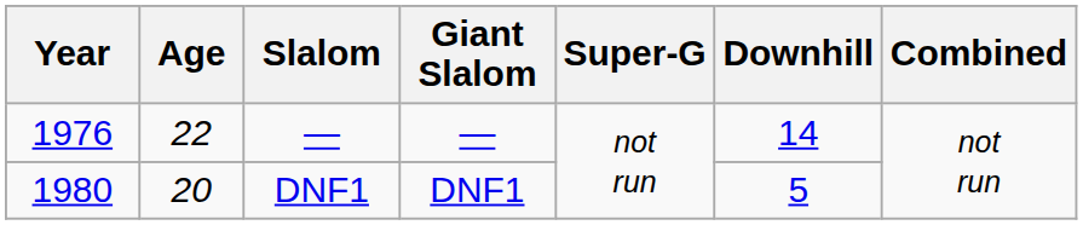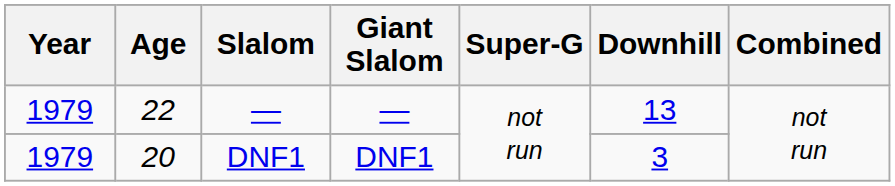 <table class=wikitable style="text-align:center">
 <tr>
 <th>  Year  </th>
 <th> Age </th>
 <th> Slalom </th>
 <th>Giant<br> Slalom </th>
 <th>Super-G</th>
 <th>Downhill</th>
 <th>Combined</th>
 </tr>
 <tr>
-<td><a href='#'>1976</a></td>
+<td><a href='#'>1979</a></td>
 <td><em>22</em></td>
 <td><a href='#'>—</a></td>
 <td><a href='#'>—</a></td>
 <td rowspan=2><small><em>not<br>run</em></small></td>
-<td><a href='#'>14</a></td>
+<td><a href='#'>13</a></td>
 <td rowspan=2><small><em>not<br>run</em></small></td>
 </tr>
 <tr>
-<td><a href='#'>1980</a></td>
+<td><a href='#'>1979</a></td>
 <td><em>20</em></td>
 <td><a href='#'>DNF1</a></td>
 <td><a href='#'>DNF1</a></td>
-<td><a href='#'>5</a></td>
+<td><a href='#'>3</a></td>
 </tr>
 </table>
